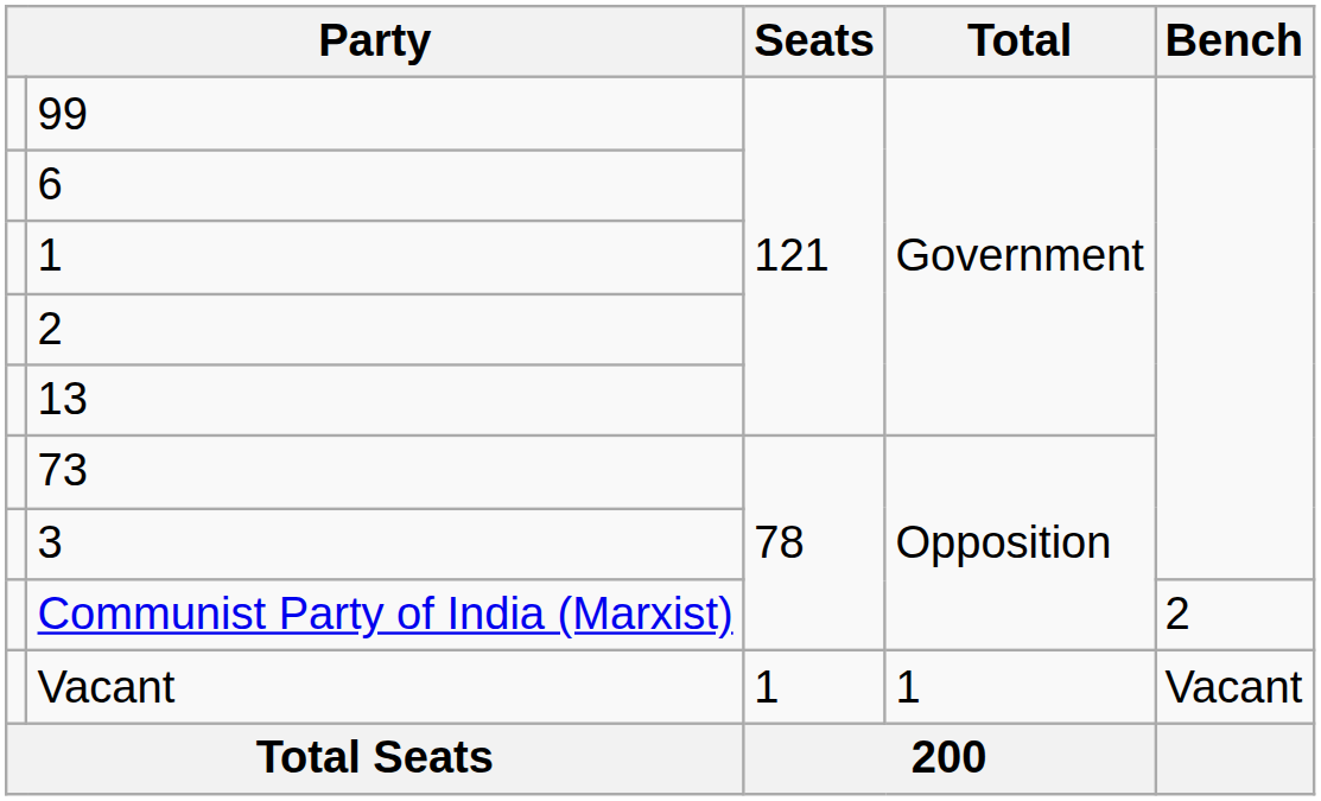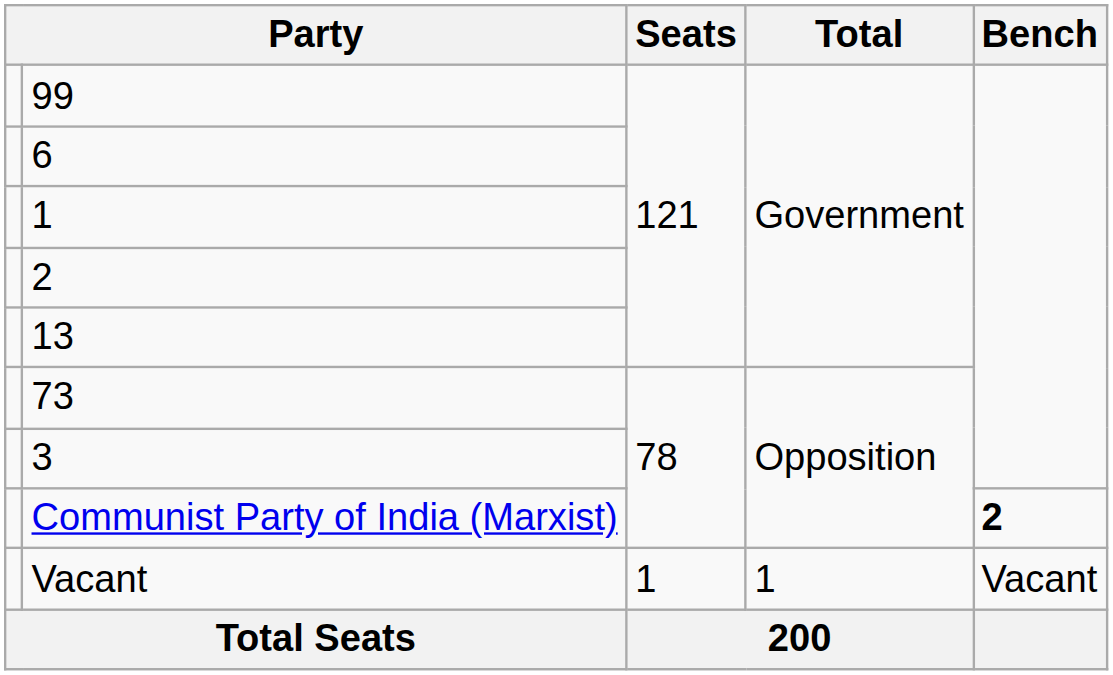 <table class="wikitable sortable">
 <tr>
 <th colspan="2">Party</th>
 <th>Seats</th>
 <th>Total</th>
 <th>Bench</th>
 </tr>
 <tr>
 <td></td>
 <td>99</td>
 <td rowspan=5>121</td>
 <td rowspan=5>Government</td>
 </tr>
 <tr>
 <td></td>
 <td>6</td>
 </tr>
 <tr>
 <td></td>
 <td>1</td>
 </tr>
 <tr>
 <td></td>
 <td>2</td>
 </tr>
 <tr>
 <td></td>
 <td>13</td>
 </tr>
 <tr>
 <td></td>
 <td>73</td>
 <td rowspan=3>78</td>
 <td rowspan=3>Opposition</td>
 </tr>
 <tr>
 <td></td>
 <td>3</td>
 </tr>
 <tr>
 <td bgcolor=></td>
 <td><a href='#'>Communist Party of India (Marxist)</a></td>
-<td>2</td>
+<td><strong>2</strong></td>
 </tr>
 <tr>
 <td></td>
 <td>Vacant</td>
 <td>1</td>
 <td>1</td>
 <td>Vacant</td>
 </tr>
 <tr>
 <th colspan="2">Total Seats</th>
 <th colspan="2">200</th>
 <th></th>
 </tr>
 </table>
